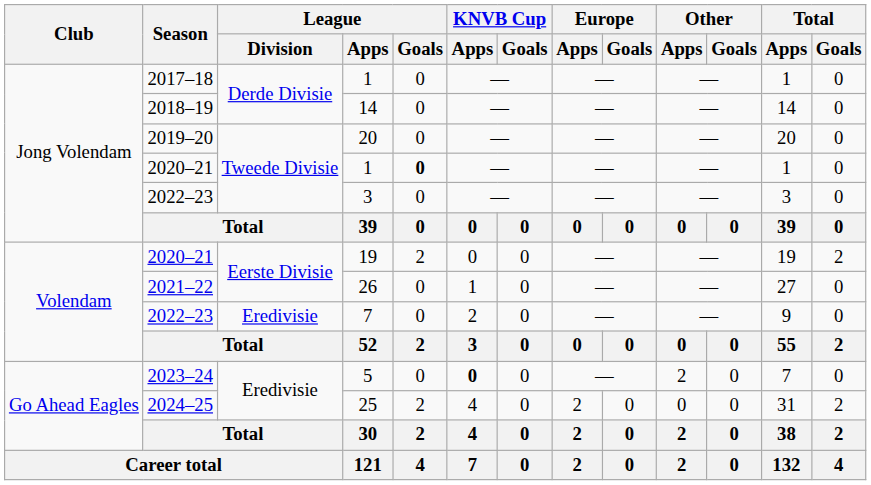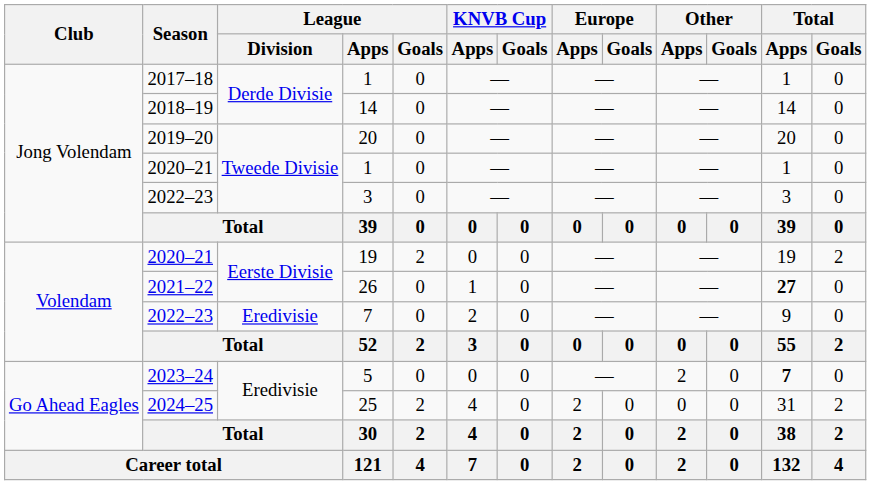 <table class="wikitable" style="text-align:center">
 <tr>
 <th rowspan="2">Club</th>
 <th rowspan="2">Season</th>
 <th colspan="3">League</th>
 <th colspan="2"><a href='#'>KNVB Cup</a></th>
 <th colspan="2">Europe</th>
 <th colspan="2">Other</th>
 <th colspan="2">Total</th>
 </tr>
 <tr>
 <th>Division</th>
 <th>Apps</th>
 <th>Goals</th>
 <th>Apps</th>
 <th>Goals</th>
 <th>Apps</th>
 <th>Goals</th>
 <th>Apps</th>
 <th>Goals</th>
 <th>Apps</th>
 <th>Goals</th>
 </tr>
 <tr>
 <td rowspan="6">Jong Volendam</td>
 <td>2017–18</td>
 <td rowspan="2"><a href='#'>Derde Divisie</a></td>
 <td>1</td>
 <td>0</td>
 <td colspan=2>—</td>
 <td colspan=2>—</td>
 <td colspan=2>—</td>
 <td>1</td>
 <td>0</td>
 </tr>
 <tr>
 <td>2018–19</td>
 <td>14</td>
 <td>0</td>
 <td colspan=2>—</td>
 <td colspan=2>—</td>
 <td colspan=2>—</td>
 <td>14</td>
 <td>0</td>
 </tr>
 <tr>
 <td>2019–20</td>
 <td rowspan="3"><a href='#'>Tweede Divisie</a></td>
 <td>20</td>
 <td>0</td>
 <td colspan=2>—</td>
 <td colspan=2>—</td>
 <td colspan=2>—</td>
 <td>20</td>
 <td>0</td>
 </tr>
 <tr>
 <td>2020–21</td>
 <td>1</td>
-<td><strong>0</strong></td>
+<td>0</td>
 <td colspan=2>—</td>
 <td colspan=2>—</td>
 <td colspan=2>—</td>
 <td>1</td>
 <td>0</td>
 </tr>
 <tr>
 <td>2022–23</td>
 <td>3</td>
 <td>0</td>
 <td colspan=2>—</td>
 <td colspan=2>—</td>
 <td colspan=2>—</td>
 <td>3</td>
 <td>0</td>
 </tr>
 <tr>
 <th colspan="2">Total</th>
 <th>39</th>
 <th>0</th>
 <th>0</th>
 <th>0</th>
 <th>0</th>
 <th>0</th>
 <th>0</th>
 <th>0</th>
 <th>39</th>
 <th>0</th>
 </tr>
 <tr>
 <td rowspan="4"><a href='#'>Volendam</a></td>
 <td><a href='#'>2020–21</a></td>
 <td rowspan="2"><a href='#'>Eerste Divisie</a></td>
 <td>19</td>
 <td>2</td>
 <td>0</td>
 <td>0</td>
 <td colspan=2>—</td>
 <td colspan=2>—</td>
 <td>19</td>
 <td>2</td>
 </tr>
 <tr>
 <td><a href='#'>2021–22</a></td>
 <td>26</td>
 <td>0</td>
 <td>1</td>
 <td>0</td>
 <td colspan=2>—</td>
 <td colspan=2>—</td>
-<td>27</td>
+<td><strong>27</strong></td>
 <td>0</td>
 </tr>
 <tr>
 <td><a href='#'>2022–23</a></td>
 <td><a href='#'>Eredivisie</a></td>
 <td>7</td>
 <td>0</td>
 <td>2</td>
 <td>0</td>
 <td colspan=2>—</td>
 <td colspan=2>—</td>
 <td>9</td>
 <td>0</td>
 </tr>
 <tr>
 <th colspan="2">Total</th>
 <th>52</th>
 <th>2</th>
 <th>3</th>
 <th>0</th>
 <th>0</th>
 <th>0</th>
 <th>0</th>
 <th>0</th>
 <th>55</th>
 <th>2</th>
 </tr>
 <tr>
 <td rowspan="3"><a href='#'>Go Ahead Eagles</a></td>
 <td><a href='#'>2023–24</a></td>
 <td rowspan="2">Eredivisie</td>
 <td>5</td>
 <td>0</td>
-<td><strong>0</strong></td>
+<td>0</td>
 <td>0</td>
 <td colspan=2>—</td>
 <td>2</td>
 <td>0</td>
-<td>7</td>
+<td><strong>7</strong></td>
 <td>0</td>
 </tr>
 <tr>
 <td><a href='#'>2024–25</a></td>
 <td>25</td>
 <td>2</td>
 <td>4</td>
 <td>0</td>
 <td>2</td>
 <td>0</td>
 <td>0</td>
 <td>0</td>
 <td>31</td>
 <td>2</td>
 </tr>
 <tr>
 <th colspan="2">Total</th>
 <th>30</th>
 <th>2</th>
 <th>4</th>
 <th>0</th>
 <th>2</th>
 <th>0</th>
 <th>2</th>
 <th>0</th>
 <th>38</th>
 <th>2</th>
 </tr>
 <tr>
 <th colspan="3">Career total</th>
 <th>121</th>
 <th>4</th>
 <th>7</th>
 <th>0</th>
 <th>2</th>
 <th>0</th>
 <th>2</th>
 <th>0</th>
 <th>132</th>
 <th>4</th>
 </tr>
 </table>
